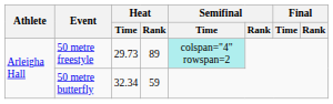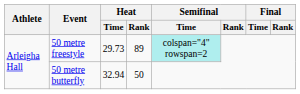 <table class="wikitable" style="text-align:center; font-size:90%; width:50%;">
 <tr>
 <th rowspan="2">Athlete</th>
 <th rowspan="2">Event</th>
 <th colspan="2">Heat</th>
 <th colspan="2">Semifinal</th>
 <th colspan="2">Final</th>
 </tr>
 <tr style="font-size:95%">
 <th>Time</th>
 <th>Rank</th>
 <th>Time</th>
 <th>Rank</th>
 <th>Time</th>
 <th>Rank</th>
 </tr>
 <tr>
 <td align=left rowspan=2><a href='#'>Arleigha Hall</a></td>
 <td align=left><a href='#'>50 metre freestyle</a></td>
 <td>29.73</td>
 <td>89</td>
 <td style="background: paleturquoise;">colspan="4" rowspan=2 </td>
 </tr>
 <tr>
 <td align=left><a href='#'>50 metre butterfly</a></td>
-<td>32.34</td>
-<td>59</td>
+<td>32.94</td>
+<td>50</td>
 </tr>
 </table>
